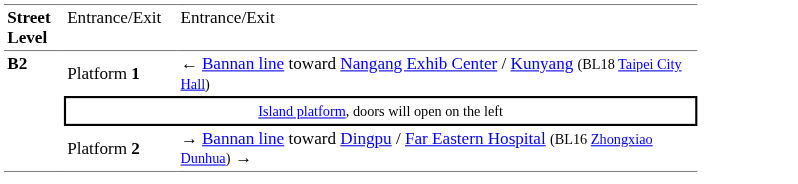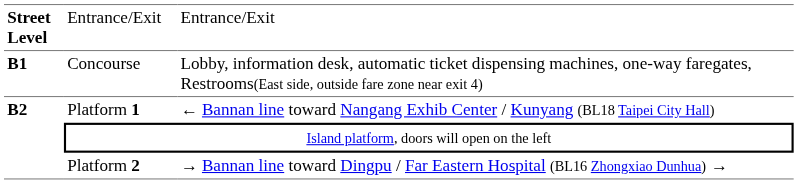 <table table border=0 cellspacing=0 cellpadding=3>
 <tr>
 <td style="border-top:solid 1px gray;border-bottom:solid 1px gray;" width=50 valign=top><strong>Street Level</strong></td>
 <td style="border-top:solid 1px gray;border-bottom:solid 1px gray;" width=100 valign=top>Entrance/Exit</td>
 <td style="border-top:solid 1px gray;border-bottom:solid 1px gray;" width=480 valign=top>Entrance/Exit</td>
+</tr>
+<tr>
+<td style="border-bottom:solid 1px gray;" width=50 valign=top><strong>B1</strong></td>
+<td style="border-bottom:solid 1px gray;" width=100 valign=top>Concourse</td>
+<td style="border-bottom:solid 1px gray;" width=570 valign=top>Lobby, information desk, automatic ticket dispensing machines, one-way faregates, Restrooms<small>(East side, outside fare zone near exit 4)</small></td>
 </tr>
 <tr>
 <td style="border-bottom:solid 1px gray;" rowspan=3 valign=top><strong>B2</strong></td>
 <td>Platform <span><strong>1</strong></span></td>
 <td>←  <a href='#'>Bannan line</a> toward <a href='#'>Nangang Exhib Center</a> / <a href='#'>Kunyang</a> <small>(BL18 <a href='#'>Taipei City Hall</a>)</small></td>
 </tr>
 <tr>
 <td style="border-top:solid 2px black;border-right:solid 2px black;border-left:solid 2px black;border-bottom:solid 2px black;text-align:center;" colspan=2><small><a href='#'>Island platform</a>, doors will open on the left</small></td>
 </tr>
 <tr>
 <td style="border-bottom:solid 1px gray;">Platform <span><strong>2</strong></span></td>
 <td style="border-bottom:solid 1px gray;"><span>→</span>  <a href='#'>Bannan line</a> toward <a href='#'>Dingpu</a> / <a href='#'>Far Eastern Hospital</a> <small>(BL16 <a href='#'>Zhongxiao Dunhua</a>)</small> →</td>
 </tr>
 </table>
